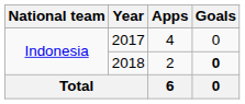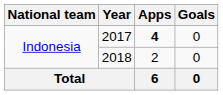 <table class="wikitable" style="text-align:center">
 <tr>
 <th>National team</th>
 <th>Year</th>
 <th>Apps</th>
 <th>Goals</th>
 </tr>
 <tr>
 <td rowspan=2><a href='#'>Indonesia</a></td>
 <td>2017</td>
-<td>4</td>
+<td><strong>4</strong></td>
 <td>0</td>
 </tr>
 <tr>
 <td>2018</td>
 <td>2</td>
-<td><strong>0</strong></td>
+<td>0</td>
 </tr>
 <tr>
 <th colspan=2>Total</th>
 <th>6</th>
 <th>0</th>
 </tr>
 </table>
